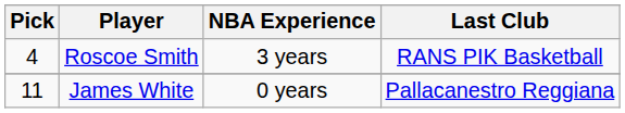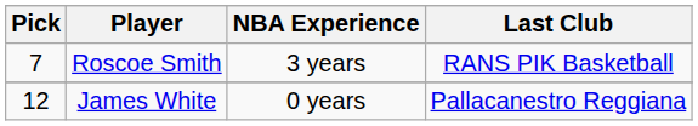 <table class="wikitable sortable sortable">
 <tr>
 </tr>
 <tr style="text-align: center">
 <th>Pick</th>
 <th>Player</th>
 <th>NBA Experience</th>
 <th>Last Club</th>
 </tr>
 <tr style="text-align: center">
-<td>4</td>
+<td>7</td>
 <td><a href='#'>Roscoe Smith</a></td>
 <td>3 years</td>
 <td> <a href='#'>RANS PIK Basketball</a></td>
 </tr>
 <tr>
 </tr>
 <tr style="text-align: center">
-<td>11</td>
+<td>12</td>
 <td><a href='#'>James White</a></td>
 <td>0 years</td>
 <td> <a href='#'>Pallacanestro Reggiana</a></td>
 </tr>
 </table>
